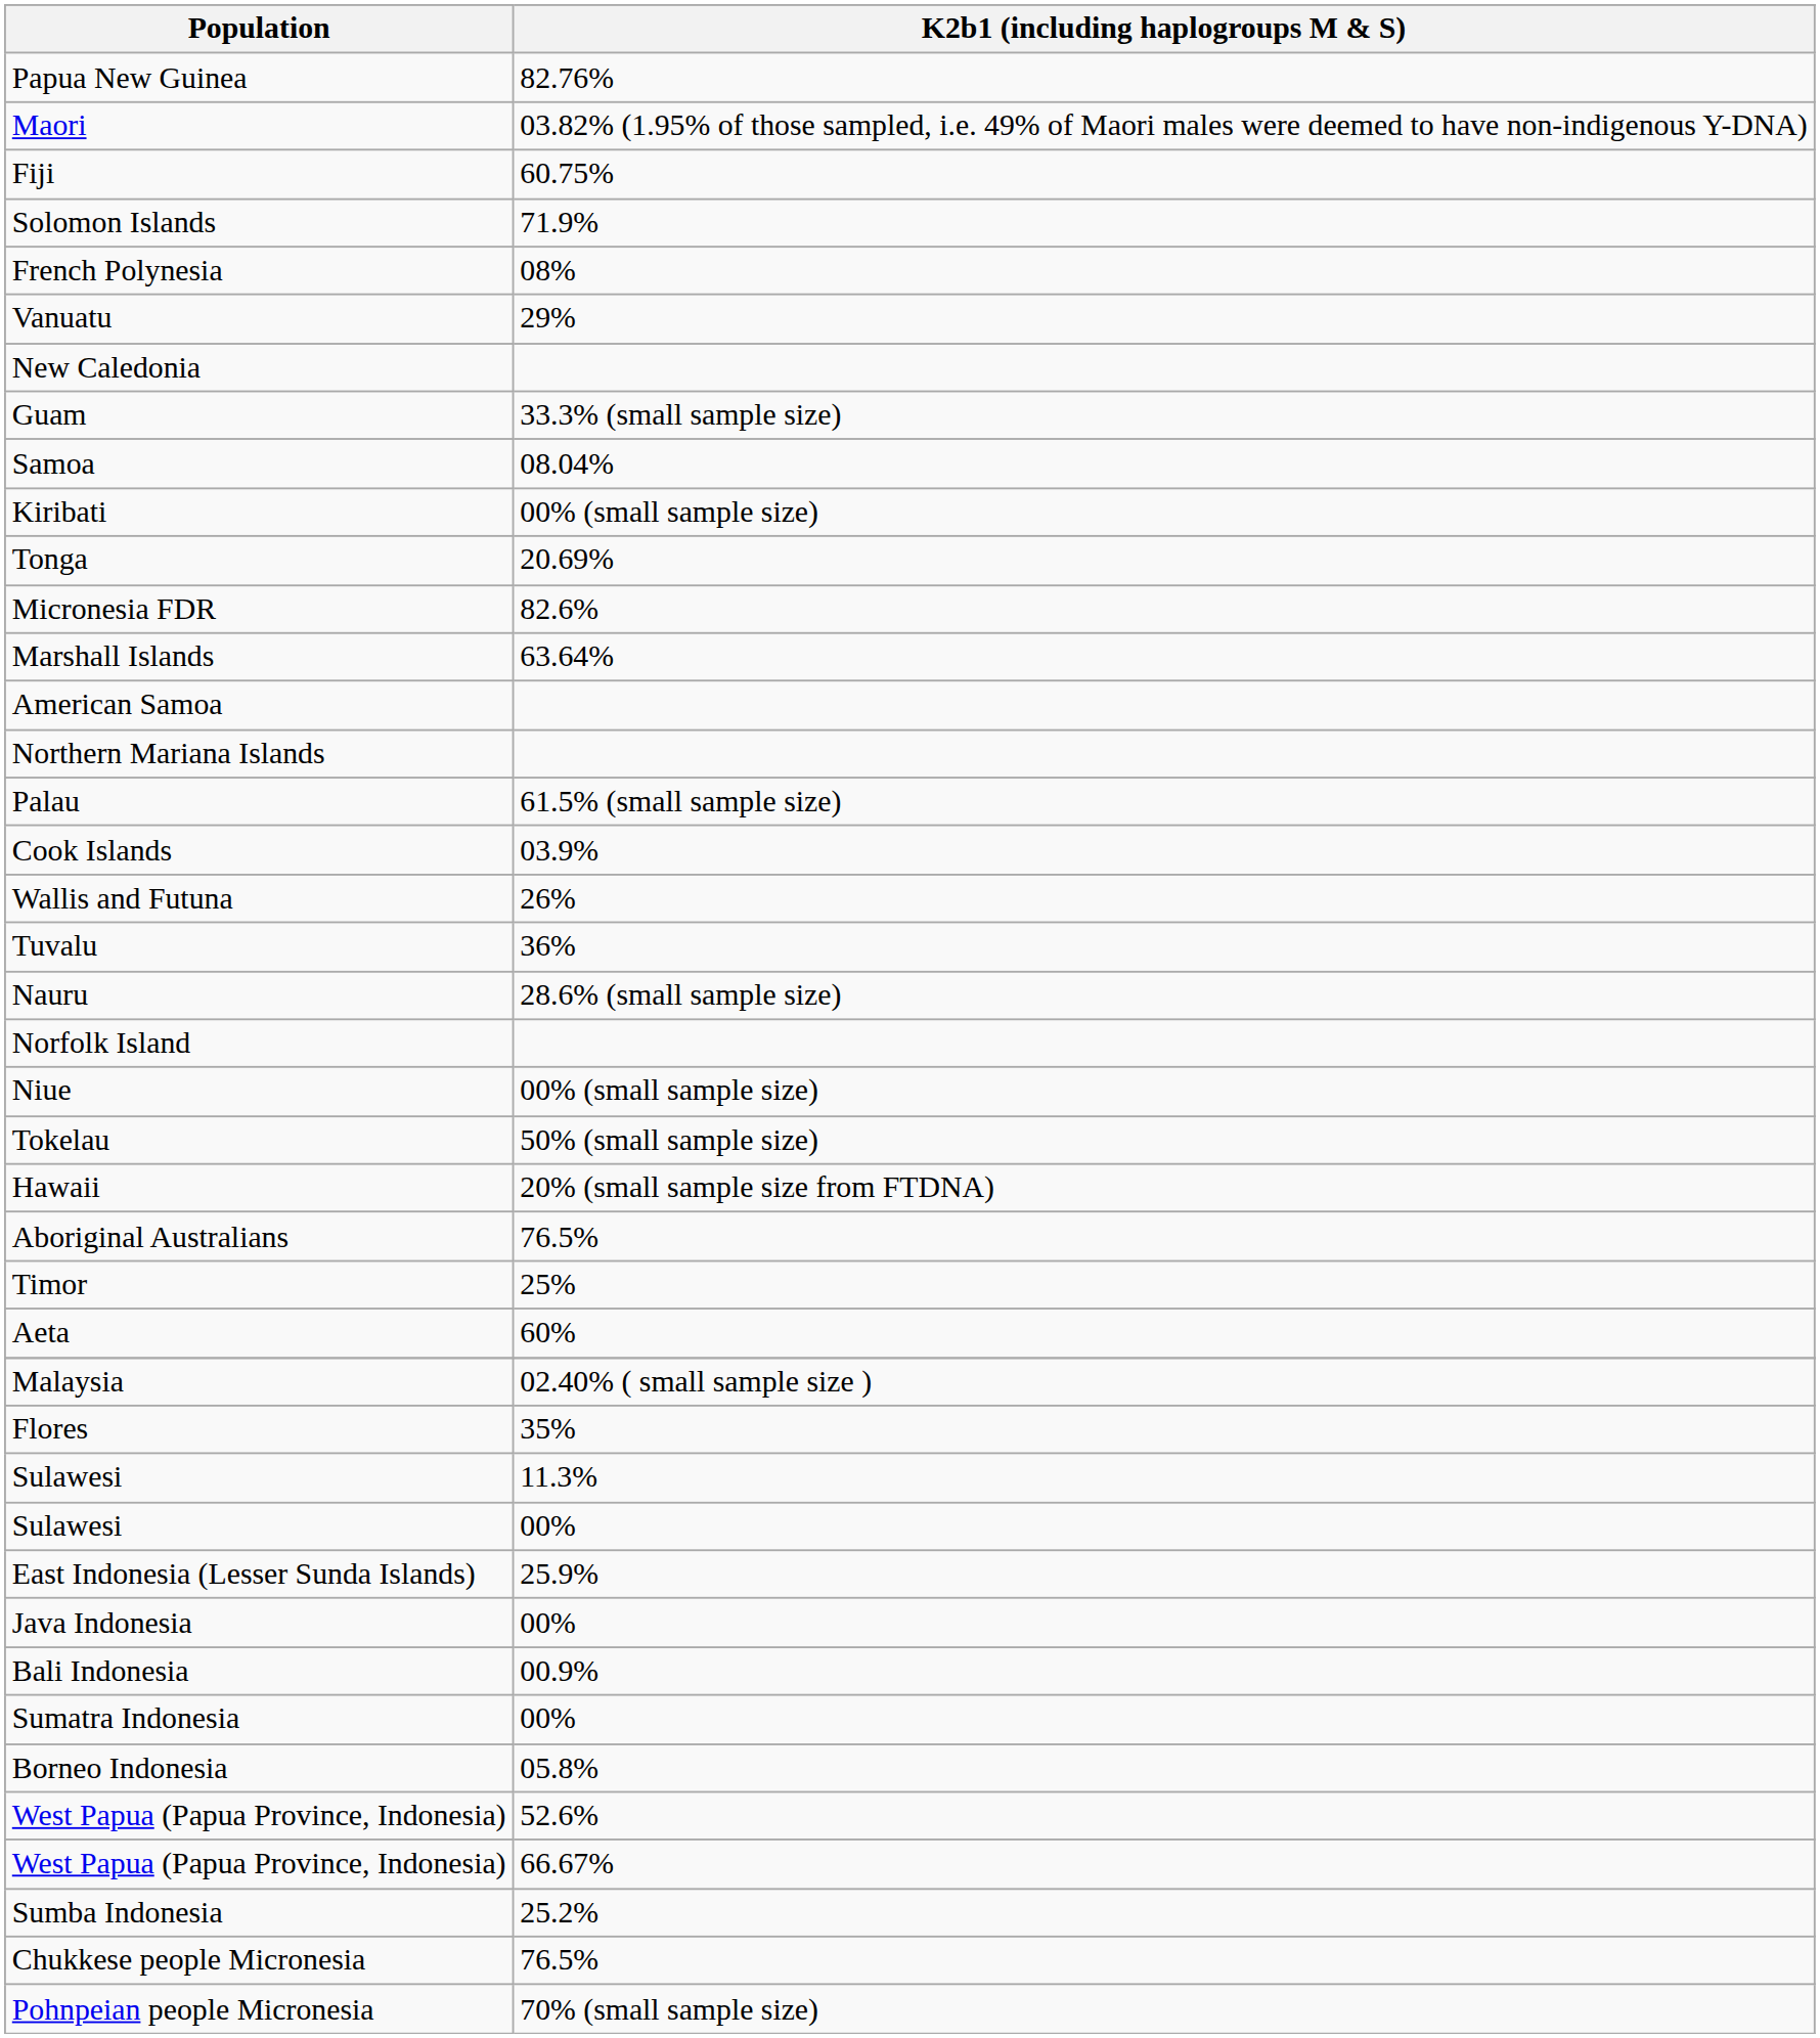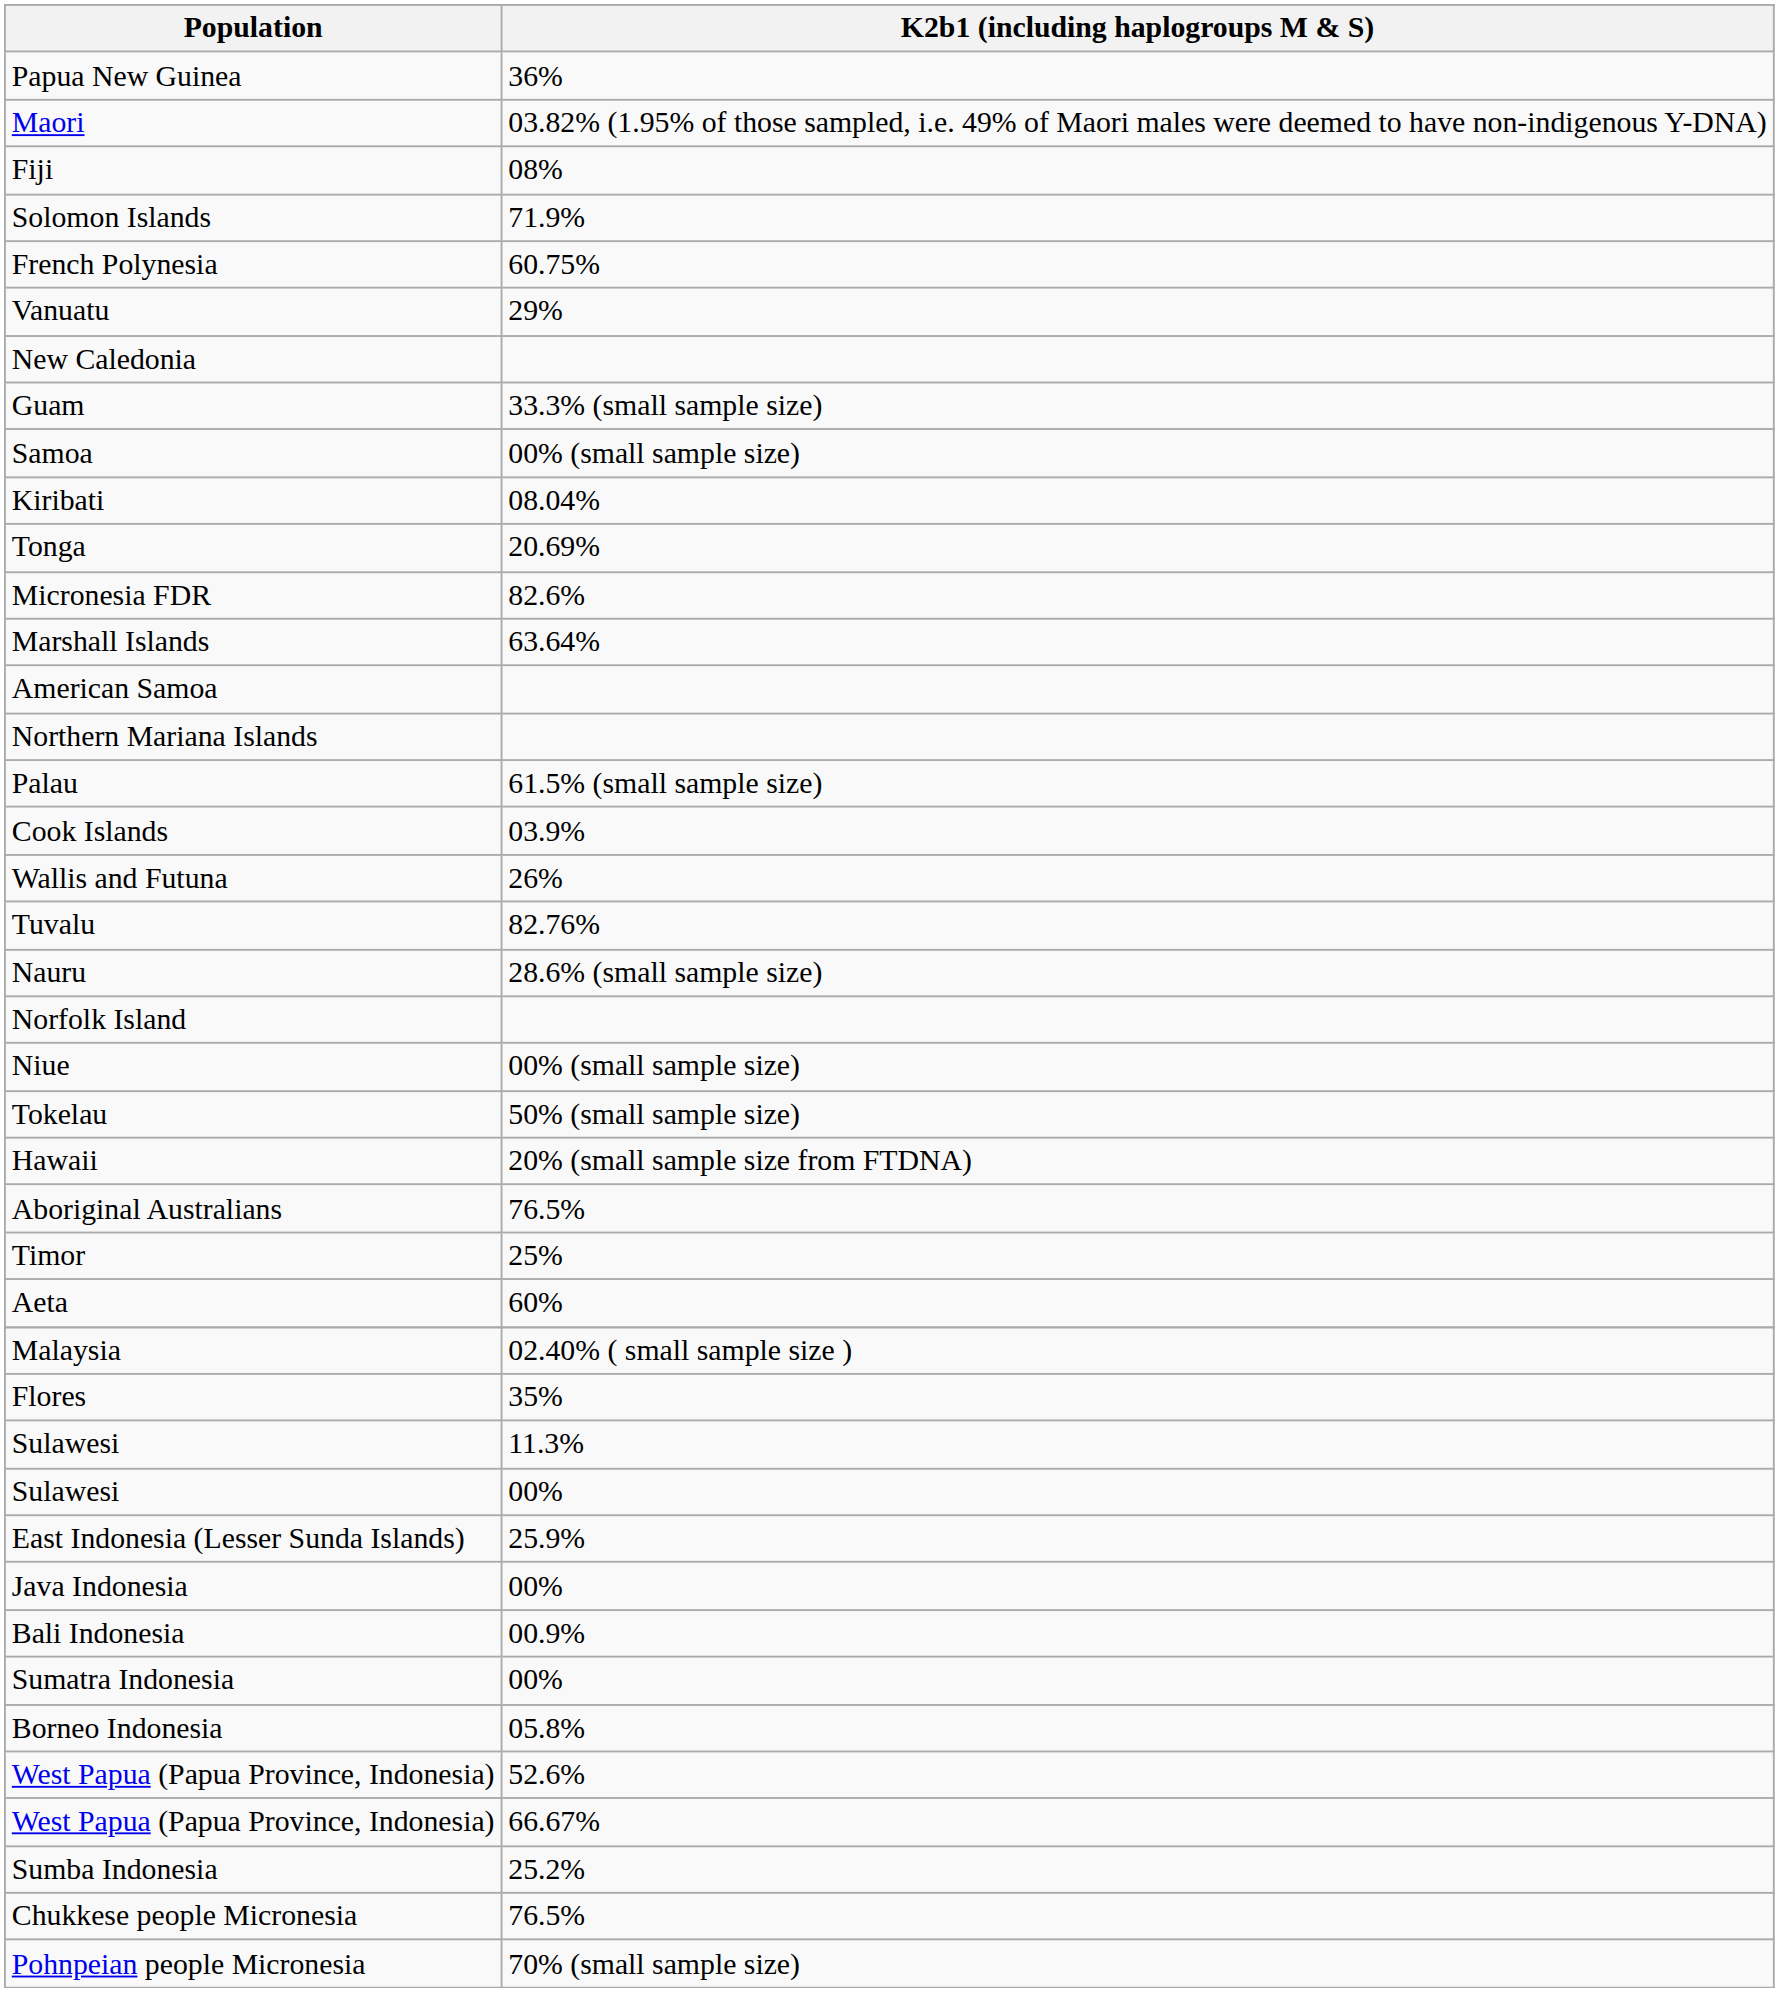 <table class="wikitable sortable">
 <tr>
 <th>Population</th>
 <th>K2b1 (including haplogroups M & S)</th>
 </tr>
 <tr>
 <td>Papua New Guinea</td>
-<td>82.76%</td>
+<td>36%</td>
 </tr>
 <tr>
 <td><a href='#'>Maori</a></td>
 <td>03.82% (1.95% of those sampled, i.e. 49% of Maori males were deemed to have non-indigenous Y-DNA)</td>
 </tr>
 <tr>
 <td>Fiji</td>
-<td>60.75%</td>
+<td>08%</td>
 </tr>
 <tr>
 <td>Solomon Islands</td>
 <td>71.9%</td>
 </tr>
 <tr>
 <td>French Polynesia</td>
-<td>08%</td>
+<td>60.75%</td>
 </tr>
 <tr>
 <td>Vanuatu</td>
 <td>29%</td>
 </tr>
 <tr>
 <td>New Caledonia</td>
 <td></td>
 </tr>
 <tr>
 <td>Guam</td>
 <td>33.3% (small sample size)</td>
 </tr>
 <tr>
 <td>Samoa</td>
-<td>08.04%</td>
+<td>00% (small sample size)</td>
 </tr>
 <tr>
 <td>Kiribati</td>
-<td>00% (small sample size)</td>
+<td>08.04%</td>
 </tr>
 <tr>
 <td>Tonga</td>
 <td>20.69%</td>
 </tr>
 <tr>
 <td>Micronesia FDR</td>
 <td>82.6%</td>
 </tr>
 <tr>
 <td>Marshall Islands</td>
 <td>63.64%</td>
 </tr>
 <tr>
 <td>American Samoa</td>
 <td></td>
 </tr>
 <tr>
 <td>Northern Mariana Islands</td>
 <td></td>
 </tr>
 <tr>
 <td>Palau</td>
 <td>61.5% (small sample size)</td>
 </tr>
 <tr>
 <td>Cook Islands</td>
 <td>03.9%</td>
 </tr>
 <tr>
 <td>Wallis and Futuna</td>
 <td>26%</td>
 </tr>
 <tr>
 <td>Tuvalu</td>
-<td>36%</td>
+<td>82.76%</td>
 </tr>
 <tr>
 <td>Nauru</td>
 <td>28.6% (small sample size)</td>
 </tr>
 <tr>
 <td>Norfolk Island</td>
 <td></td>
 </tr>
 <tr>
 <td>Niue</td>
 <td>00% (small sample size)</td>
 </tr>
 <tr>
 <td>Tokelau</td>
 <td>50% (small sample size)</td>
 </tr>
 <tr>
 <td>Hawaii</td>
 <td>20% (small sample size from FTDNA)</td>
 </tr>
 <tr>
 <td>Aboriginal Australians</td>
 <td>76.5%</td>
 </tr>
 <tr>
 <td>Timor</td>
 <td>25%</td>
 </tr>
 <tr>
 <td>Aeta</td>
 <td>60%</td>
 </tr>
 <tr>
 </tr>
 <tr>
 <td>Malaysia</td>
 <td>02.40% ( small sample size )</td>
 </tr>
 <tr>
 <td>Flores</td>
 <td>35%</td>
 </tr>
 <tr>
 <td>Sulawesi</td>
 <td>11.3%</td>
 </tr>
 <tr>
 <td>Sulawesi</td>
 <td>00%</td>
 </tr>
 <tr>
 <td>East Indonesia (Lesser Sunda Islands)</td>
 <td>25.9%</td>
 </tr>
 <tr>
 <td>Java Indonesia</td>
 <td>00%</td>
 </tr>
 <tr>
 <td>Bali Indonesia</td>
 <td>00.9%</td>
 </tr>
 <tr>
 <td>Sumatra Indonesia</td>
 <td>00%</td>
 </tr>
 <tr>
 <td>Borneo Indonesia</td>
 <td>05.8%</td>
 </tr>
 <tr>
 <td><a href='#'>West Papua</a> (Papua Province, Indonesia)</td>
 <td>52.6%</td>
 </tr>
 <tr>
 <td><a href='#'>West Papua</a> (Papua Province, Indonesia)</td>
 <td>66.67%</td>
 </tr>
 <tr>
 <td>Sumba Indonesia</td>
 <td>25.2%</td>
 </tr>
 <tr>
 <td>Chukkese people Micronesia</td>
 <td>76.5%</td>
 </tr>
 <tr>
 <td><a href='#'>Pohnpeian</a> people Micronesia</td>
 <td>70% (small sample size)</td>
 </tr>
 </table>
